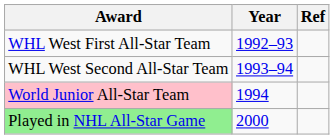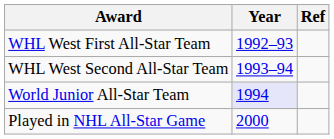 <table class="wikitable">
 <tr>
 <th scope="col">Award</th>
 <th scope="col">Year</th>
 <th scope="col">Ref</th>
 </tr>
 <tr>
 <td><a href='#'>WHL</a> West First All-Star Team</td>
 <td><a href='#'>1992–93</a></td>
 <td></td>
 </tr>
 <tr>
 <td>WHL West Second All-Star Team</td>
 <td><a href='#'>1993–94</a></td>
 <td></td>
 </tr>
 <tr>
-<td style="background: pink;"><a href='#'>World Junior</a> All-Star Team</td>
-<td><a href='#'>1994</a></td>
+<td><a href='#'>World Junior</a> All-Star Team</td>
+<td style="background: lavender;"><a href='#'>1994</a></td>
 <td></td>
 </tr>
 <tr>
-<td style="background: lightgreen;">Played in <a href='#'>NHL All-Star Game</a></td>
+<td>Played in <a href='#'>NHL All-Star Game</a></td>
 <td><a href='#'>2000</a></td>
 <td></td>
 </tr>
 </table>
